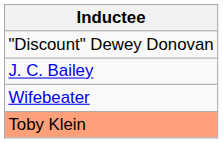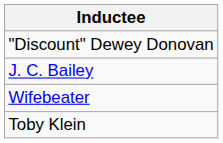 <table class="wikitable">
 <tr>
 <th>Inductee</th>
 </tr>
 <tr>
 <td>"Discount" Dewey Donovan</td>
 </tr>
 <tr>
 <td><a href='#'>J. C. Bailey</a></td>
 </tr>
 <tr>
 <td><a href='#'>Wifebeater</a></td>
 </tr>
 <tr>
-<td style="background: lightsalmon;">Toby Klein</td>
+<td>Toby Klein</td>
 </tr>
 </table>
